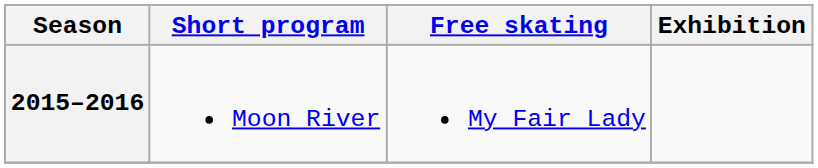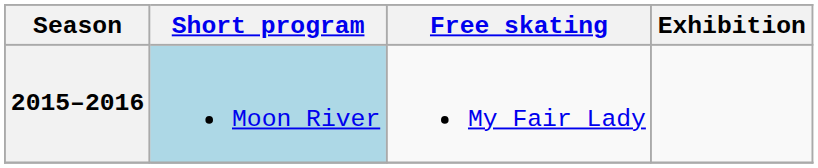 <table class="wikitable" style="text-align:center">
 <tr>
 <th>Season</th>
 <th><a href='#'>Short program</a></th>
 <th><a href='#'>Free skating</a></th>
 <th>Exhibition</th>
 </tr>
 <tr>
 <th>2015–2016 <br></th>
-<td><br><ul><li><a href='#'>Moon River</a> <br> </li></ul></td>
+<td style="background: lightblue;"><br><ul><li><a href='#'>Moon River</a> <br> </li></ul></td>
 <td><br><ul><li><a href='#'>My Fair Lady</a> <br> </li></ul></td>
 <td></td>
 </tr>
 <tr>
 </tr>
 </table>
